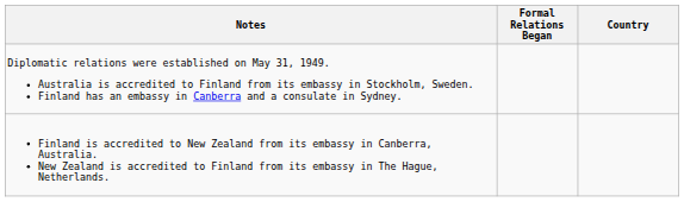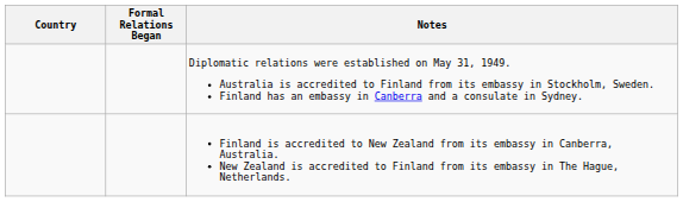 <table class="wikitable sortable" border="1" style="width:100%; margin:auto;">
 <tr>
+<th width="15%">Country</th>
+<th width="12%">Formal Relations Began</th>
 <th>Notes</th>
-<th width="12%">Formal Relations Began</th>
-<th width="15%">Country</th>
 </tr>
 <tr -valign="top">
-<td><br> Diplomatic relations were established on May 31, 1949.<ul><li>Australia is accredited to Finland from its embassy in Stockholm, Sweden.</li><li>Finland has an embassy in <a href='#'>Canberra</a> and a consulate in Sydney.</li></ul></td>
 <td></td>
 <td></td>
+<td><br> Diplomatic relations were established on May 31, 1949.<ul><li>Australia is accredited to Finland from its embassy in Stockholm, Sweden.</li><li>Finland has an embassy in <a href='#'>Canberra</a> and a consulate in Sydney.</li></ul></td>
 </tr>
 <tr -valign="top">
-<td><br><ul><li>Finland is accredited to New Zealand from its embassy in Canberra, Australia.</li><li>New Zealand is accredited to Finland from its embassy in The Hague, Netherlands.</li></ul></td>
 <td></td>
 <td></td>
+<td><br><ul><li>Finland is accredited to New Zealand from its embassy in Canberra, Australia.</li><li>New Zealand is accredited to Finland from its embassy in The Hague, Netherlands.</li></ul></td>
 </tr>
 </table>
